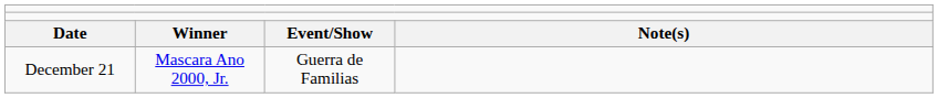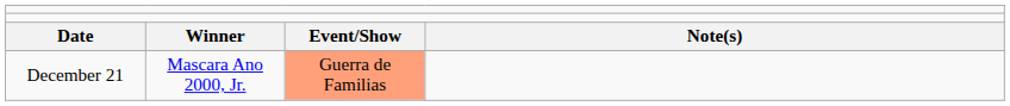 <table class="wikitable" style="text-align:center; width:100%;">
 <tr>
 <td colspan="5"></td>
 </tr>
 <tr>
 <td colspan="5"></td>
 </tr>
 <tr>
 <th style="width:14%;">Date</th>
 <th style="width:14%;">Winner</th>
 <th style="width:14%;">Event/Show</th>
 <th style="width:58%;">Note(s)</th>
 </tr>
 <tr>
 <td>December 21</td>
 <td><a href='#'>Mascara Ano 2000, Jr.</a></td>
-<td>Guerra de Familias</td>
+<td style="background: lightsalmon;">Guerra de Familias</td>
 <td></td>
 </tr>
 </table>
